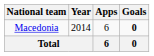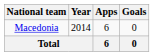 <table class=wikitable style="text-align: center;">
 <tr>
 <th>National team</th>
 <th>Year</th>
 <th>Apps</th>
 <th>Goals</th>
 </tr>
 <tr>
 <td rowspan="1"><a href='#'>Macedonia</a></td>
 <td>2014</td>
 <td>6</td>
-<td><strong>0</strong></td>
+<td>0</td>
 </tr>
 <tr>
 <th colspan="2">Total</th>
 <th>6</th>
 <th>0</th>
 </tr>
 </table>
